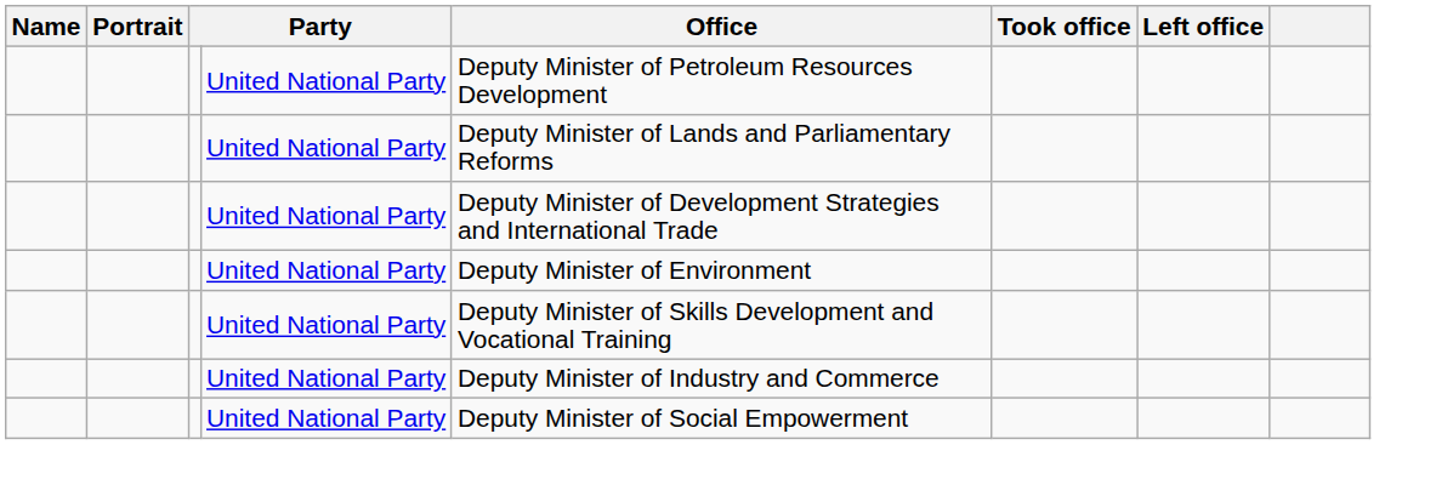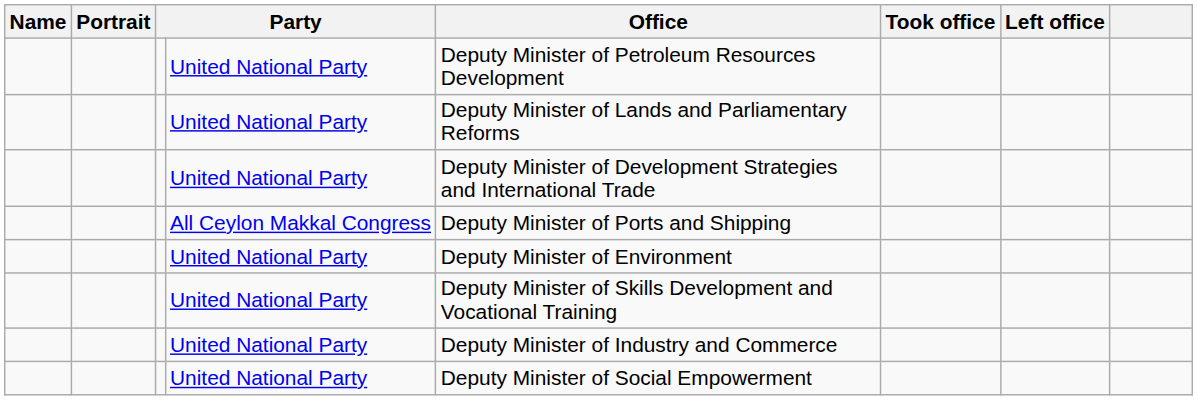 <table class="wikitable plainrowheaders sortable" style="font-size:90%; text-align:left;">
 <tr>
 <th scope=col>Name</th>
 <th scope=col class=unsortable>Portrait</th>
 <th scope=col colspan="2">Party</th>
 <th scope=col width=300px>Office</th>
 <th scope=col>Took office</th>
 <th scope=col>Left office</th>
 <th scope=col width=50px class=unsortable></th>
 </tr>
 <tr>
 <td></td>
 <td align=center></td>
 <td !align="center" style="background:"></td>
 <td><a href='#'>United National Party</a></td>
 <td>Deputy Minister of Petroleum Resources Development</td>
 <td align=center></td>
 <td align=center></td>
 <td align=center></td>
 </tr>
 <tr>
 <td></td>
 <td align=center></td>
 <td !align="center" style="background:"></td>
 <td><a href='#'>United National Party</a></td>
 <td>Deputy Minister of Lands and Parliamentary Reforms</td>
 <td align=center></td>
 <td align=center></td>
 <td align=center></td>
 </tr>
 <tr>
 <td></td>
 <td align=center></td>
 <td !align="center" style="background:"></td>
 <td><a href='#'>United National Party</a></td>
 <td>Deputy Minister of Development Strategies and International Trade</td>
+<td align=center></td>
+<td align=center></td>
+<td align=center></td>
+</tr>
+<tr>
+<td></td>
+<td align=center></td>
+<td !align="center" style="background:"></td>
+<td><a href='#'>All Ceylon Makkal Congress</a></td>
+<td>Deputy Minister of Ports and Shipping</td>
 <td align=center></td>
 <td align=center></td>
 <td align=center></td>
 </tr>
 <tr>
 <td></td>
 <td align=center></td>
 <td !align="center" style="background:"></td>
 <td><a href='#'>United National Party</a></td>
 <td>Deputy Minister of Environment</td>
 <td align=center></td>
 <td align=center></td>
 <td align=center></td>
 </tr>
 <tr>
 <td></td>
 <td align=center></td>
 <td !align="center" style="background:"></td>
 <td><a href='#'>United National Party</a></td>
 <td>Deputy Minister of Skills Development and Vocational Training</td>
 <td align=center></td>
 <td align=center></td>
 <td align=center></td>
 </tr>
 <tr>
 <td></td>
 <td align=center></td>
 <td !align="center" style="background:"></td>
 <td><a href='#'>United National Party</a></td>
 <td>Deputy Minister of Industry and Commerce</td>
 <td align=center></td>
 <td align=center></td>
 <td align=center></td>
 </tr>
 <tr>
 <td></td>
 <td align=center></td>
 <td !align="center" style="background:"></td>
 <td><a href='#'>United National Party</a></td>
 <td>Deputy Minister of Social Empowerment</td>
 <td align=center></td>
 <td align=center></td>
 <td align=center></td>
 </tr>
 </table>
